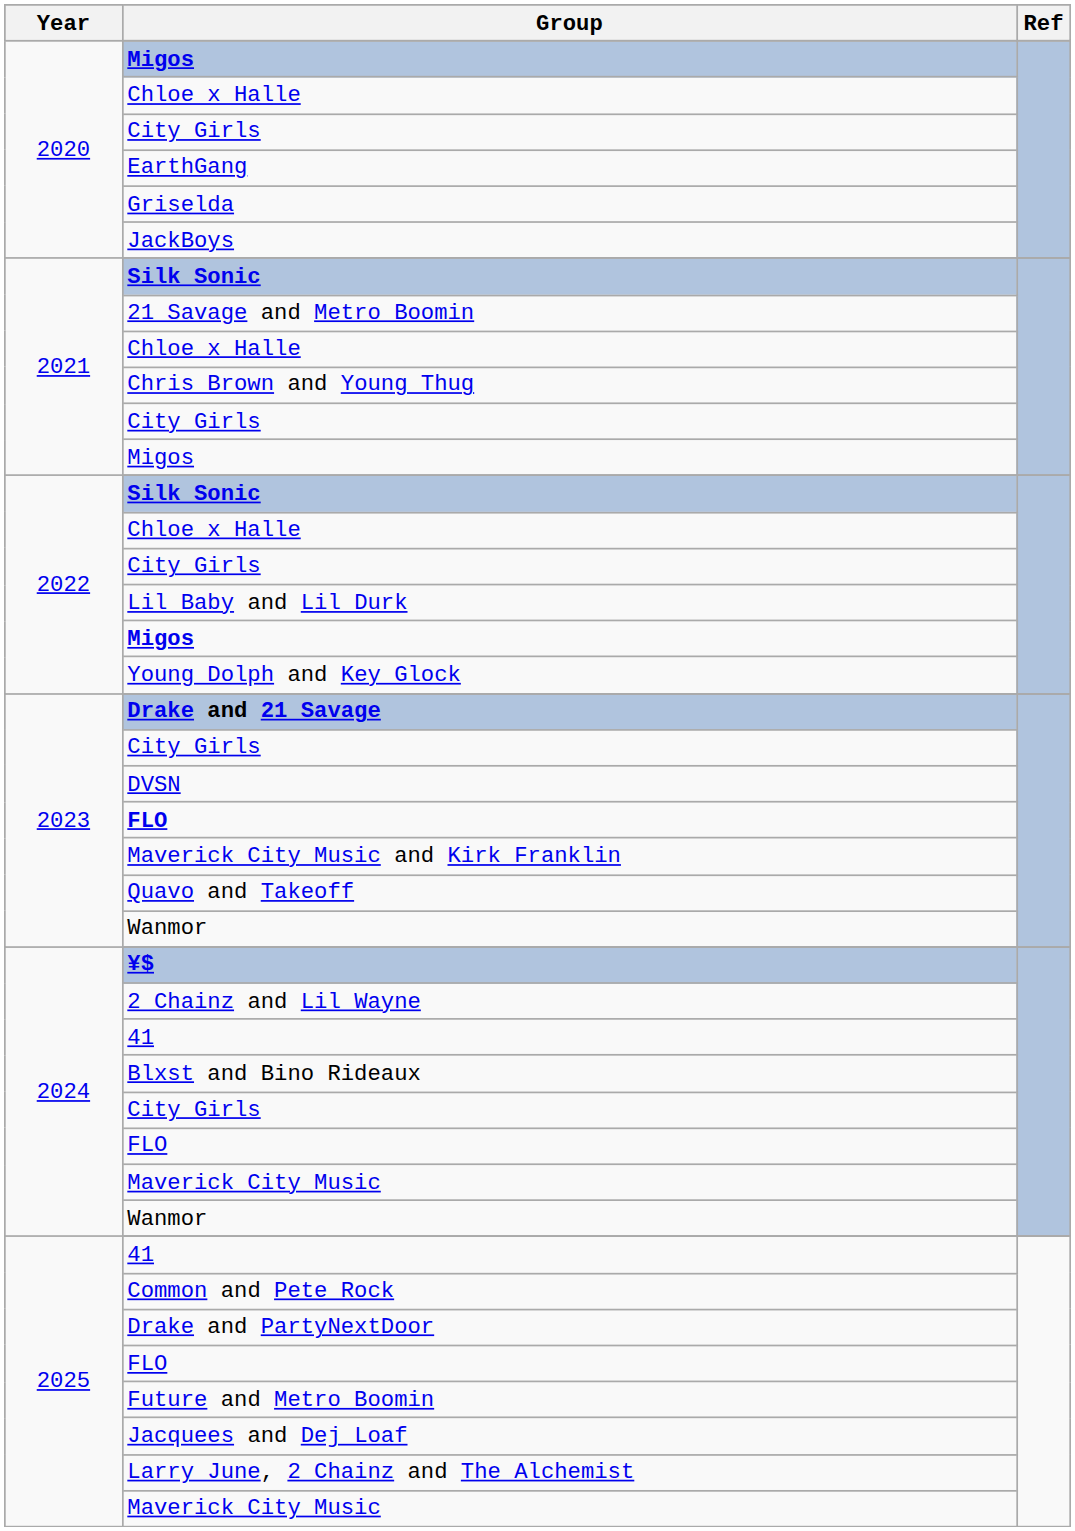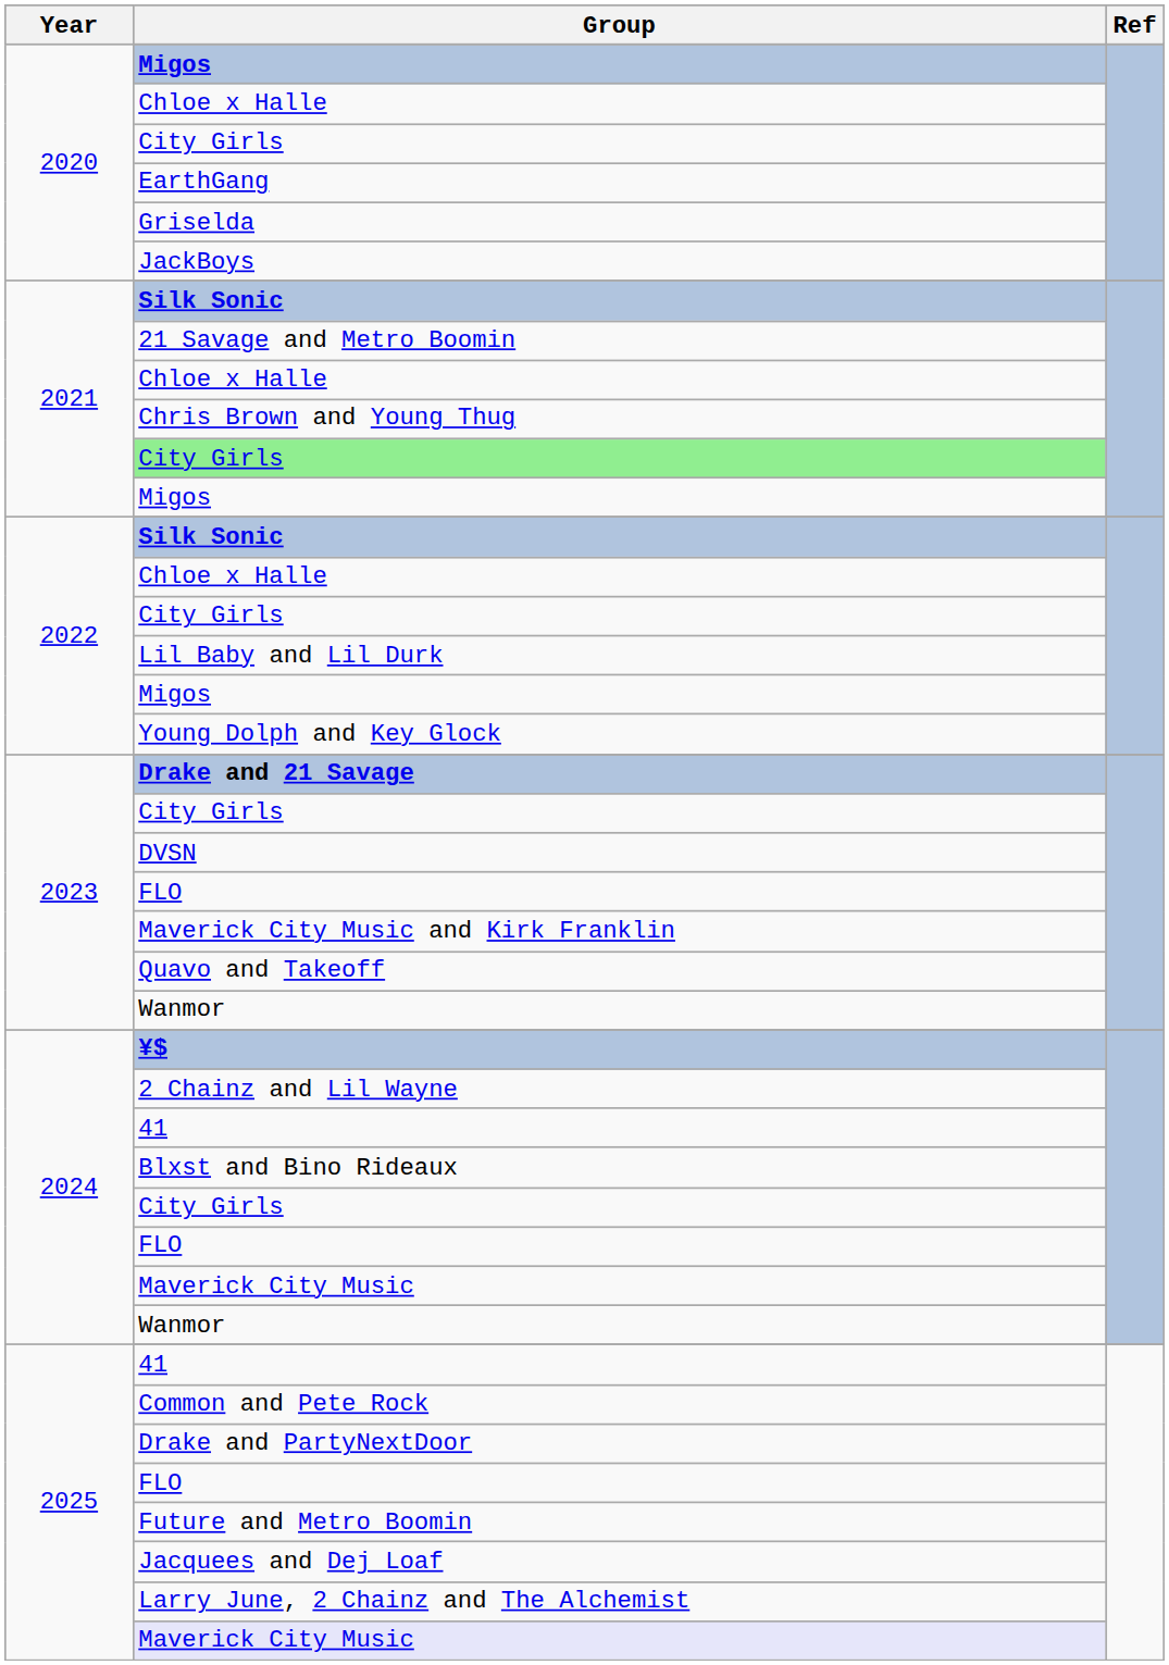 <table class="wikitable" style="width:100%;">
 <tr style="background:#bebebe;">
 <th style="width:11%;">Year</th>
 <th style="width:84%;">Group</th>
 <th style="width:5%;">Ref</th>
 </tr>
 <tr>
 <td rowspan="7" align="center"><a href='#'>2020</a></td>
 </tr>
 <tr style="background:#B0C4DE">
 <td><strong><a href='#'>Migos</a></strong></td>
 <td rowspan="6" align="center"></td>
 </tr>
 <tr>
 <td><a href='#'>Chloe x Halle</a></td>
 </tr>
 <tr>
 <td><a href='#'>City Girls</a></td>
 </tr>
 <tr>
 <td><a href='#'>EarthGang</a></td>
 </tr>
 <tr>
 <td><a href='#'>Griselda</a></td>
 </tr>
 <tr>
 <td><a href='#'>JackBoys</a></td>
 </tr>
 <tr>
 <td rowspan="7" align="center"><a href='#'>2021</a></td>
 </tr>
 <tr style="background:#B0C4DE">
 <td><strong><a href='#'>Silk Sonic</a></strong></td>
 <td rowspan="6" align="center"></td>
 </tr>
 <tr>
 <td><a href='#'>21 Savage</a> and <a href='#'>Metro Boomin</a></td>
 </tr>
 <tr>
 <td><a href='#'>Chloe x Halle</a></td>
 </tr>
 <tr>
 <td><a href='#'>Chris Brown</a> and <a href='#'>Young Thug</a></td>
 </tr>
 <tr>
-<td><a href='#'>City Girls</a></td>
+<td style="background: lightgreen;"><a href='#'>City Girls</a></td>
 </tr>
 <tr>
 <td><a href='#'>Migos</a></td>
 </tr>
 <tr>
 <td rowspan="7" align="center"><a href='#'>2022</a></td>
 </tr>
 <tr style="background:#B0C4DE">
 <td><strong><a href='#'>Silk Sonic</a></strong></td>
 <td rowspan="6" align="center"></td>
 </tr>
 <tr>
 <td><a href='#'>Chloe x Halle</a></td>
 </tr>
 <tr>
 <td><a href='#'>City Girls</a></td>
 </tr>
 <tr>
 <td><a href='#'>Lil Baby</a> and <a href='#'>Lil Durk</a></td>
 </tr>
 <tr>
-<td><strong><a href='#'>Migos</a></strong></td>
+<td><a href='#'>Migos</a></td>
 </tr>
 <tr>
 <td><a href='#'>Young Dolph</a> and <a href='#'>Key Glock</a></td>
 </tr>
 <tr>
 <td rowspan="8" align="center"><a href='#'>2023</a></td>
 </tr>
 <tr style="background:#B0C4DE">
 <td><strong><a href='#'>Drake</a> and <a href='#'>21 Savage</a></strong></td>
 <td rowspan="7" align="center"></td>
 </tr>
 <tr>
 <td><a href='#'>City Girls</a></td>
 </tr>
 <tr>
 <td><a href='#'>DVSN</a></td>
 </tr>
 <tr>
-<td><strong><a href='#'>FLO</a></strong></td>
+<td><a href='#'>FLO</a></td>
 </tr>
 <tr>
 <td><a href='#'>Maverick City Music</a> and <a href='#'>Kirk Franklin</a></td>
 </tr>
 <tr>
 <td><a href='#'>Quavo</a> and <a href='#'>Takeoff</a></td>
 </tr>
 <tr>
 <td>Wanmor</td>
 </tr>
 <tr>
 <td rowspan="9" align="center"><a href='#'>2024</a></td>
 </tr>
 <tr style="background:#B0C4DE">
 <td><strong><a href='#'>¥$</a></strong></td>
 <td rowspan="8" align="center"></td>
 </tr>
 <tr>
 <td><a href='#'>2 Chainz</a> and <a href='#'>Lil Wayne</a></td>
 </tr>
 <tr>
 <td><a href='#'>41</a></td>
 </tr>
 <tr>
 <td><a href='#'>Blxst</a> and Bino Rideaux</td>
 </tr>
 <tr>
 <td><a href='#'>City Girls</a></td>
 </tr>
 <tr>
 <td><a href='#'>FLO</a></td>
 </tr>
 <tr>
 <td><a href='#'>Maverick City Music</a></td>
 </tr>
 <tr>
 <td>Wanmor</td>
 </tr>
 <tr>
 <td rowspan="9" align="center"><a href='#'>2025</a></td>
 </tr>
 <tr>
 <td><a href='#'>41</a></td>
 <td rowspan="8" align="center"></td>
 </tr>
 <tr>
 <td><a href='#'>Common</a> and <a href='#'>Pete Rock</a></td>
 </tr>
 <tr>
 <td><a href='#'>Drake</a> and <a href='#'>PartyNextDoor</a></td>
 </tr>
 <tr>
 <td><a href='#'>FLO</a></td>
 </tr>
 <tr>
 <td><a href='#'>Future</a> and <a href='#'>Metro Boomin</a></td>
 </tr>
 <tr>
 <td><a href='#'>Jacquees</a> and <a href='#'>Dej Loaf</a></td>
 </tr>
 <tr>
 <td><a href='#'>Larry June</a>, <a href='#'>2 Chainz</a> and <a href='#'>The Alchemist</a></td>
 </tr>
 <tr>
-<td><a href='#'>Maverick City Music</a></td>
+<td style="background: lavender;"><a href='#'>Maverick City Music</a></td>
 </tr>
 <tr>
 </tr>
 </table>
